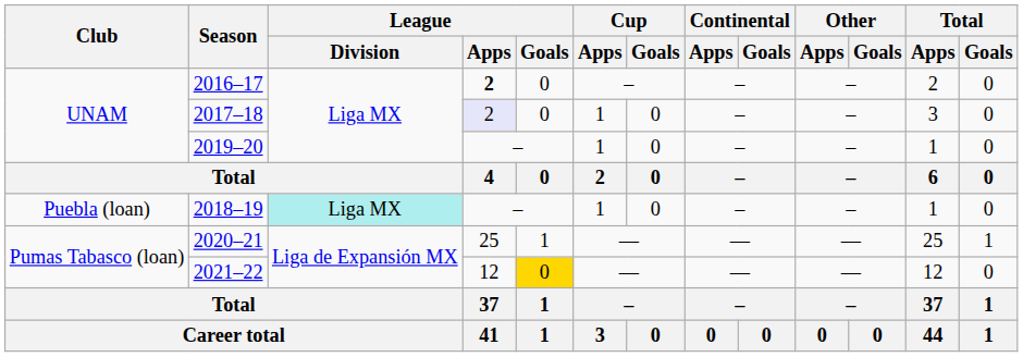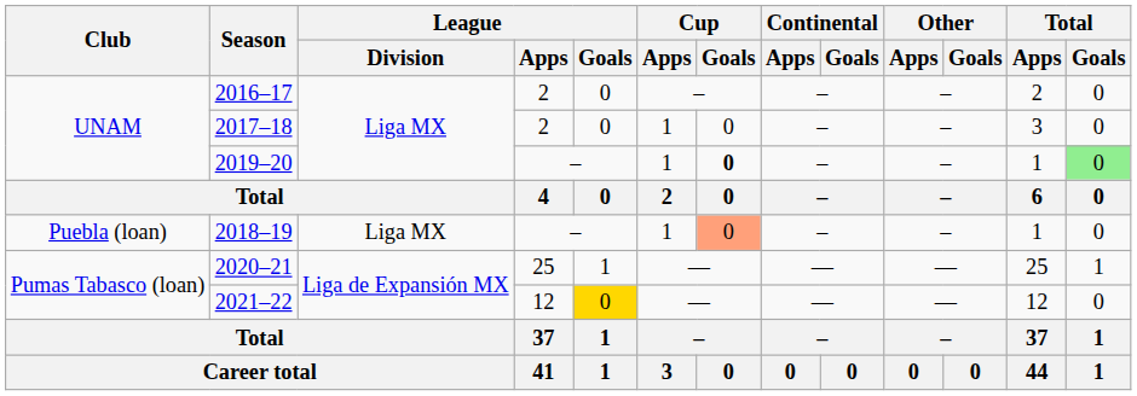 <table class="wikitable" style="text-align: center">
 <tr>
 <th rowspan="2">Club</th>
 <th rowspan="2">Season</th>
 <th colspan="3">League</th>
 <th colspan="2">Cup</th>
 <th colspan="2">Continental</th>
 <th colspan="2">Other</th>
 <th colspan="2">Total</th>
 </tr>
 <tr>
 <th>Division</th>
 <th>Apps</th>
 <th>Goals</th>
 <th>Apps</th>
 <th>Goals</th>
 <th>Apps</th>
 <th>Goals</th>
 <th>Apps</th>
 <th>Goals</th>
 <th>Apps</th>
 <th>Goals</th>
 </tr>
 <tr>
 <td rowspan="3"><a href='#'>UNAM</a></td>
 <td><a href='#'>2016–17</a></td>
 <td rowspan="3"><a href='#'>Liga MX</a></td>
-<td><strong>2</strong></td>
+<td>2</td>
 <td>0</td>
 <td colspan="2">–</td>
 <td colspan="2">–</td>
 <td colspan="2">–</td>
 <td>2</td>
 <td>0</td>
 </tr>
 <tr>
 <td><a href='#'>2017–18</a></td>
-<td style="background: lavender;">2</td>
+<td>2</td>
 <td>0</td>
 <td>1</td>
 <td>0</td>
 <td colspan="2">–</td>
 <td colspan="2">–</td>
 <td>3</td>
 <td>0</td>
 </tr>
 <tr>
 <td><a href='#'>2019–20</a></td>
 <td colspan="2">–</td>
 <td>1</td>
-<td>0</td>
+<td><strong>0</strong></td>
 <td colspan="2">–</td>
 <td colspan="2">–</td>
 <td>1</td>
-<td>0</td>
+<td style="background: lightgreen;">0</td>
 </tr>
 <tr>
 <th colspan="3">Total</th>
 <th>4</th>
 <th>0</th>
 <th>2</th>
 <th>0</th>
 <th colspan="2">–</th>
 <th colspan="2">–</th>
 <th>6</th>
 <th>0</th>
 </tr>
 <tr>
 <td><a href='#'>Puebla</a> (loan)</td>
 <td><a href='#'>2018–19</a></td>
-<td style="background: paleturquoise;">Liga MX</td>
+<td>Liga MX</td>
 <td colspan="2">–</td>
 <td>1</td>
-<td>0</td>
+<td style="background: lightsalmon;">0</td>
 <td colspan="2">–</td>
 <td colspan="2">–</td>
 <td>1</td>
 <td>0</td>
 </tr>
 <tr>
 <td rowspan="2"><a href='#'>Pumas Tabasco</a> (loan)</td>
 <td><a href='#'>2020–21</a></td>
 <td rowspan="2"><a href='#'>Liga de Expansión MX</a></td>
 <td>25</td>
 <td>1</td>
 <td colspan=2>—</td>
 <td colspan=2>—</td>
 <td colspan=2>—</td>
 <td>25</td>
 <td>1</td>
 </tr>
 <tr>
 <td><a href='#'>2021–22</a></td>
 <td>12</td>
 <td style="background: gold;">0</td>
 <td colspan=2>—</td>
 <td colspan=2>—</td>
 <td colspan=2>—</td>
 <td>12</td>
 <td>0</td>
 </tr>
 <tr>
 <th colspan="3">Total</th>
 <th>37</th>
 <th>1</th>
 <th colspan="2">–</th>
 <th colspan="2">–</th>
 <th colspan="2">–</th>
 <th>37</th>
 <th>1</th>
 </tr>
 <tr>
 <th colspan="3"><strong>Career total</strong></th>
 <th>41</th>
 <th>1</th>
 <th>3</th>
 <th>0</th>
 <th>0</th>
 <th>0</th>
 <th>0</th>
 <th>0</th>
 <th>44</th>
 <th>1</th>
 </tr>
 </table>
